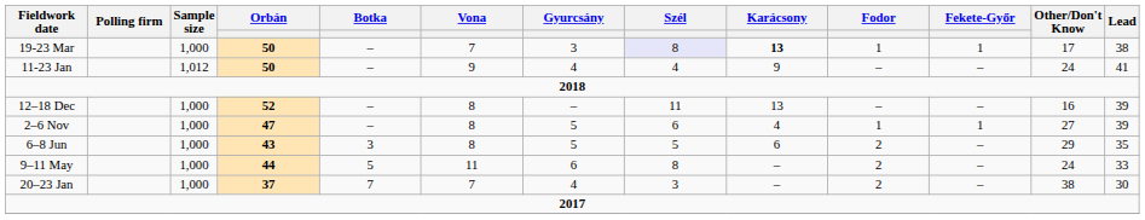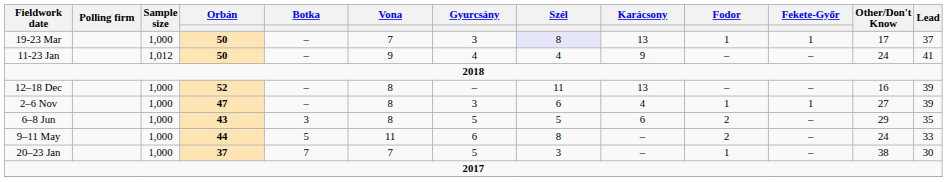 <table class="wikitable collapsible sortable" style="text-align:center;font-size:85%;line-height:14px">
 <tr>
 <th style="width:80px;" rowspan="2">Fieldwork date</th>
 <th style="width:80px;" rowspan="2">Polling firm</th>
 <th style="width:20px;" rowspan="2">Sample size</th>
 <th style="width:100px;" class="unsortable"><a href='#'>Orbán</a></th>
 <th style="width:100px;" class="unsortable"><a href='#'>Botka</a></th>
 <th style="width:100px;" class="unsortable"><a href='#'>Vona</a></th>
 <th style="width:100px;" class="unsortable"><a href='#'>Gyurcsány</a></th>
 <th style="width:100px;" class="unsortable"><a href='#'>Szél</a></th>
 <th style="width:100px;" class="unsortable"><a href='#'>Karácsony</a></th>
 <th style="width:100px;" class="unsortable"><a href='#'>Fodor</a></th>
 <th style="width:100px;" class="unsortable"><a href='#'>Fekete-Győr</a></th>
 <th style="width:20px;" rowspan="2" class="unsortable">Other/Don't Know</th>
 <th class="unsortable" style="width:20px;" rowspan="2">Lead</th>
 </tr>
 <tr>
 <th class="unsortable" style="color:inherit;background:"></th>
 <th class="unsortable" style="color:inherit;background:"></th>
 <th class="unsortable" style="color:inherit;background:"></th>
 <th class="unsortable" style="color:inherit;background:"></th>
 <th class="unsortable" style="color:inherit;background:"></th>
 <th class="unsortable" style="color:inherit;background:"></th>
 <th class="unsortable" style="color:inherit;background:"></th>
 <th class="unsortable" style="color:inherit;background:"></th>
 </tr>
 <tr>
 <td>19-23 Mar</td>
 <td></td>
 <td>1,000</td>
 <td style="background:#FFE5B4"><strong>50</strong></td>
 <td>–</td>
 <td>7</td>
 <td>3</td>
 <td style="background: lavender;">8</td>
-<td><strong>13</strong></td>
+<td>13</td>
 <td>1</td>
 <td>1</td>
 <td>17</td>
-<td style="background:">38</td>
+<td style="background:">37</td>
 </tr>
 <tr>
 <td>11-23 Jan</td>
 <td></td>
 <td>1,012</td>
 <td style="background:#FFE5B4"><strong>50</strong></td>
 <td>–</td>
 <td>9</td>
 <td>4</td>
 <td>4</td>
 <td>9</td>
 <td>–</td>
 <td>–</td>
 <td>24</td>
 <td style="background:">41</td>
 </tr>
 <tr>
 <td colspan="14"><strong>2018</strong></td>
 </tr>
 <tr>
 <td>12–18 Dec</td>
 <td></td>
 <td>1,000</td>
 <td style="background:#FFE5B4"><strong>52</strong></td>
 <td>–</td>
 <td>8</td>
 <td>–</td>
 <td>11</td>
 <td>13</td>
 <td>–</td>
 <td>–</td>
 <td>16</td>
 <td style="background:">39</td>
 </tr>
 <tr>
 <td>2–6 Nov</td>
 <td></td>
 <td>1,000</td>
 <td style="background:#FFE5B4"><strong>47</strong></td>
 <td>–</td>
 <td>8</td>
-<td>5</td>
+<td>3</td>
 <td>6</td>
 <td>4</td>
 <td>1</td>
 <td>1</td>
 <td>27</td>
 <td style="background:">39</td>
 </tr>
 <tr>
 <td>6–8 Jun</td>
 <td></td>
 <td>1,000</td>
 <td style="background:#FFE5B4"><strong>43</strong></td>
 <td>3</td>
 <td>8</td>
 <td>5</td>
 <td>5</td>
 <td>6</td>
 <td>2</td>
 <td>–</td>
 <td>29</td>
 <td style="background:">35</td>
 </tr>
 <tr>
 <td>9–11 May</td>
 <td></td>
 <td>1,000</td>
 <td style="background:#FFE5B4"><strong>44</strong></td>
 <td>5</td>
 <td>11</td>
 <td>6</td>
 <td>8</td>
 <td>–</td>
 <td>2</td>
 <td>–</td>
 <td>24</td>
 <td style="background:">33</td>
 </tr>
 <tr>
 <td>20–23 Jan</td>
 <td></td>
 <td>1,000</td>
 <td style="background:#FFE5B4"><strong>37</strong></td>
 <td>7</td>
 <td>7</td>
-<td>4</td>
+<td>5</td>
 <td>3</td>
 <td>–</td>
-<td>2</td>
+<td>1</td>
 <td>–</td>
 <td>38</td>
 <td style="background:">30</td>
 </tr>
 <tr>
 <td colspan="14"><strong>2017</strong></td>
 </tr>
 <tr>
 </tr>
 </table>
